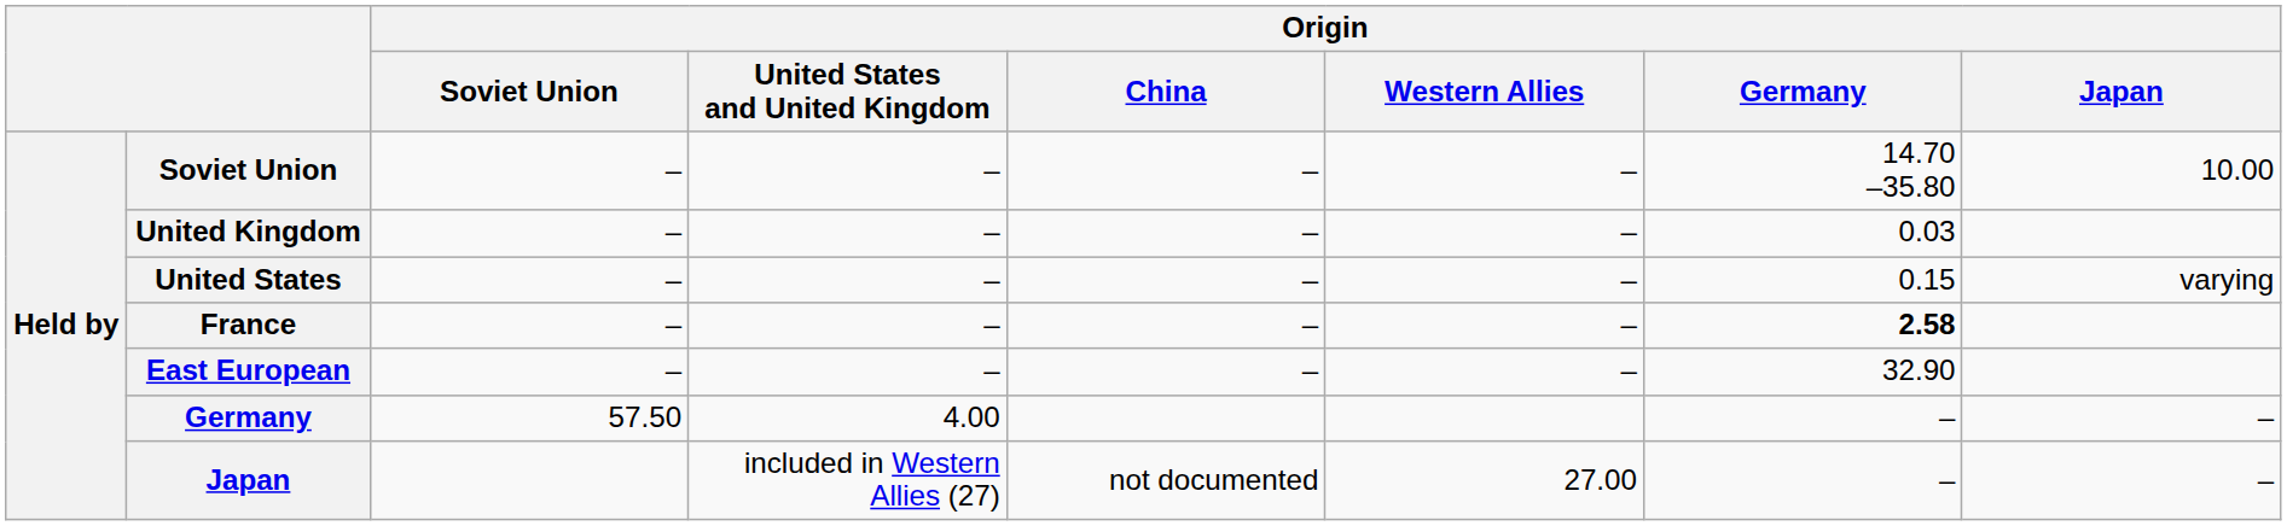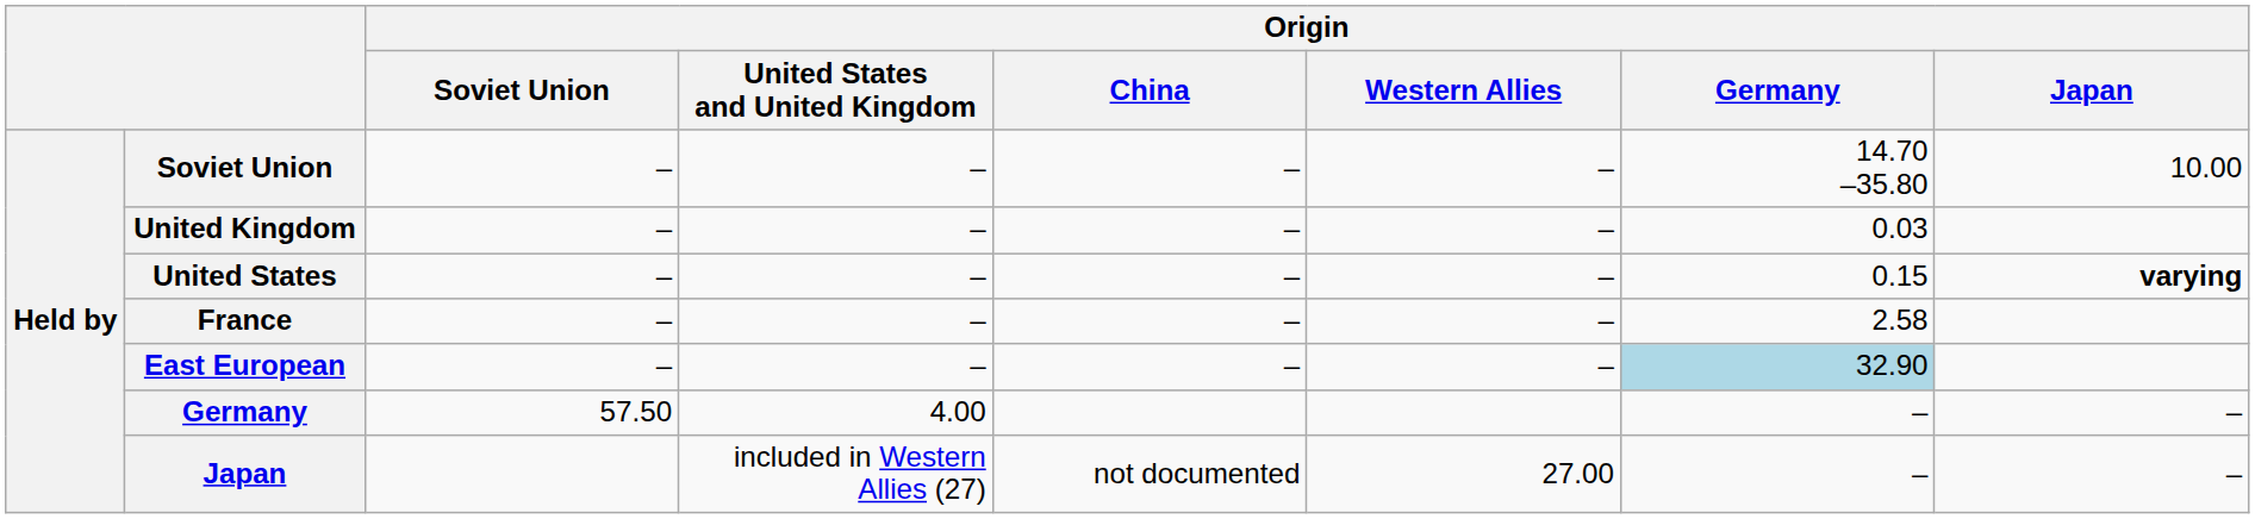 <table class=wikitable style="text-align:right;">
 <tr>
 <th rowspan=2 colspan=2></th>
 <th colspan="6" align=center>Origin</th>
 </tr>
 <tr>
 <th width=14%>Soviet Union</th>
 <th width=14%>United States<br>and United Kingdom</th>
 <th width=14%><a href='#'>China</a></th>
 <th width=14%><a href='#'>Western Allies</a></th>
 <th width=14%><a href='#'>Germany</a></th>
 <th width=14%><a href='#'>Japan</a></th>
 </tr>
 <tr>
 <th rowspan=7>Held by</th>
 <th>Soviet Union</th>
 <td>–</td>
 <td>–</td>
 <td>–</td>
 <td>–</td>
 <td>14.70<br>–35.80</td>
 <td>10.00</td>
 </tr>
 <tr>
 <th>United Kingdom</th>
 <td>–</td>
 <td>–</td>
 <td>–</td>
 <td>–</td>
 <td>0.03</td>
 <td></td>
 </tr>
 <tr>
 <th>United States</th>
 <td>–</td>
 <td>–</td>
 <td>–</td>
 <td>–</td>
 <td>0.15</td>
-<td>varying</td>
+<td><strong>varying</strong></td>
 </tr>
 <tr>
 <th>France</th>
 <td>–</td>
 <td>–</td>
 <td>–</td>
 <td>–</td>
-<td><strong>2.58</strong></td>
+<td>2.58</td>
 <td></td>
 </tr>
 <tr>
 <th><a href='#'>East European</a></th>
 <td>–</td>
 <td>–</td>
 <td>–</td>
 <td>–</td>
-<td>32.90</td>
+<td style="background: lightblue;">32.90</td>
 <td></td>
 </tr>
 <tr>
 <th><a href='#'>Germany</a></th>
 <td>57.50</td>
 <td>4.00</td>
 <td></td>
 <td></td>
 <td>–</td>
 <td>–</td>
 </tr>
 <tr>
 <th><a href='#'>Japan</a></th>
 <td></td>
 <td>included in <a href='#'>Western Allies</a> (27)</td>
 <td>not documented</td>
 <td>27.00</td>
 <td>–</td>
 <td>–</td>
 </tr>
 </table>
